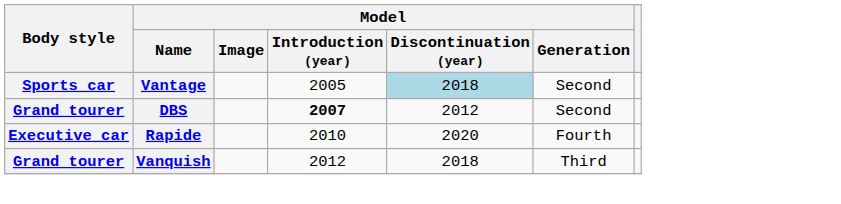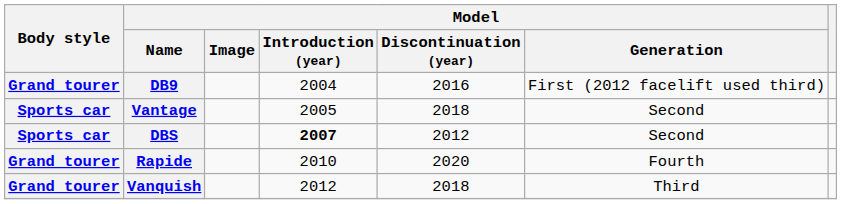 <table class="wikitable sortable" style="text-align: center">
 <tr>
 <th scope="col" rowspan="2">Body style</th>
 <th scope="colgroup" colspan="5">Model</th>
 <th scope="col" rowspan="2" class="unsortable"></th>
 </tr>
 <tr>
 <th scope="col">Name</th>
 <th scope="col" class="unsortable">Image</th>
 <th scope="col">Introduction<br><small>(year)</small></th>
 <th scope="col">Discontinuation<br><small>(year)</small></th>
 <th scope="col">Generation</th>
 </tr>
 <tr>
+<th scope="row"><a href='#'>Grand tourer</a></th>
+<th scope="row"><a href='#'>DB9</a></th>
+<td></td>
+<td>2004</td>
+<td>2016</td>
+<td>First (2012 facelift used third)</td>
+<td></td>
+</tr>
+<tr>
 <th scope="row"><a href='#'>Sports car</a></th>
 <th scope="row"><a href='#'>Vantage</a></th>
 <td></td>
 <td>2005</td>
-<td style="background: lightblue;">2018</td>
+<td>2018</td>
 <td>Second</td>
 <td></td>
 </tr>
 <tr>
-<th scope="row"><a href='#'>Grand tourer</a></th>
+<th scope="row"><a href='#'>Sports car</a></th>
 <th scope="row"><a href='#'>DBS</a></th>
 <td></td>
 <td><strong>2007</strong></td>
 <td>2012</td>
 <td>Second</td>
 <td></td>
 </tr>
 <tr>
-<th scope="row"><a href='#'>Executive car</a></th>
+<th scope="row"><a href='#'>Grand tourer</a></th>
 <th scope="row"><a href='#'>Rapide</a></th>
 <td></td>
 <td>2010</td>
 <td>2020</td>
 <td>Fourth</td>
 <td></td>
 </tr>
 <tr>
 <th scope="row"><a href='#'>Grand tourer</a></th>
 <th scope="row"><a href='#'>Vanquish</a></th>
 <td></td>
 <td>2012</td>
 <td>2018</td>
 <td>Third</td>
 <td></td>
 </tr>
 <tr>
 </tr>
 </table>
